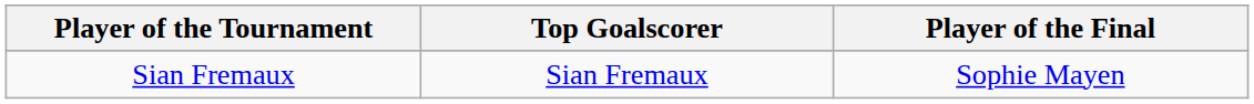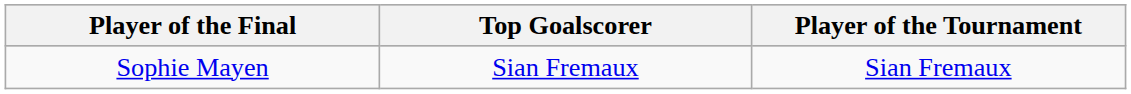 <table class=wikitable style="text-align:center; margin:auto">
 <tr>
+<th style="width: 220px;">Player of the Final</th>
+<th style="width: 220px;">Top Goalscorer</th>
 <th style="width: 220px;">Player of the Tournament</th>
-<th style="width: 220px;">Top Goalscorer</th>
-<th style="width: 220px;">Player of the Final</th>
 </tr>
 <tr>
+<td> <a href='#'>Sophie Mayen</a></td>
 <td> <a href='#'>Sian Fremaux</a></td>
 <td> <a href='#'>Sian Fremaux</a></td>
-<td> <a href='#'>Sophie Mayen</a></td>
 </tr>
 </table>
